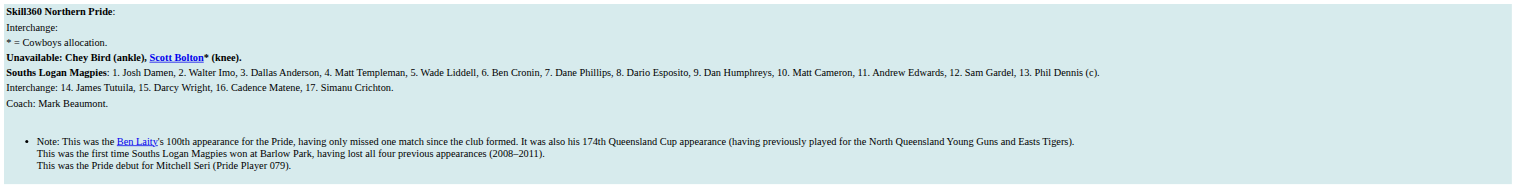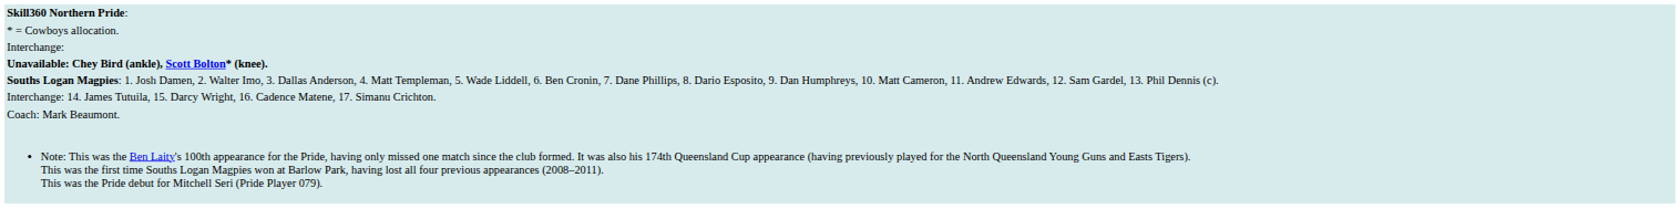 <table style="background:#d7ebed; font-size:85%; width:100%;">
 <tr>
 <td><strong>Skill360 Northern Pride</strong>:             </td>
 </tr>
 <tr>
-<td>Interchange:    </td>
+<td>* = Cowboys allocation.</td>
 </tr>
 <tr>
-<td>* = Cowboys allocation.</td>
+<td>Interchange:    </td>
 </tr>
 <tr>
 <td><strong>Unavailable: Chey Bird (ankle), <a href='#'>Scott Bolton</a>* (knee).</strong></td>
 </tr>
 <tr>
 <td><strong>Souths Logan Magpies</strong>: 1. Josh Damen, 2. Walter Imo, 3. Dallas Anderson, 4. Matt Templeman, 5. Wade Liddell, 6. Ben Cronin, 7. Dane Phillips, 8. Dario Esposito, 9. Dan Humphreys, 10. Matt Cameron, 11. Andrew Edwards, 12. Sam Gardel, 13. Phil Dennis (c).</td>
 </tr>
 <tr>
 <td>Interchange: 14. James Tutuila, 15. Darcy Wright, 16. Cadence Matene, 17. Simanu Crichton.</td>
 </tr>
 <tr>
 <td>Coach: Mark Beaumont.</td>
 </tr>
 <tr>
 <td><br><ul><li>Note: This was the <a href='#'>Ben Laity</a>'s 100th appearance for the Pride, having only missed one match since the club formed. It was also his 174th Queensland Cup appearance (having previously played for the North Queensland Young Guns and Easts Tigers).<br>This was the first time Souths Logan Magpies won at Barlow Park, having lost all four previous appearances (2008–2011).<br>This was the Pride debut for Mitchell Seri (Pride Player 079).</li></ul></td>
 </tr>
 </table>
